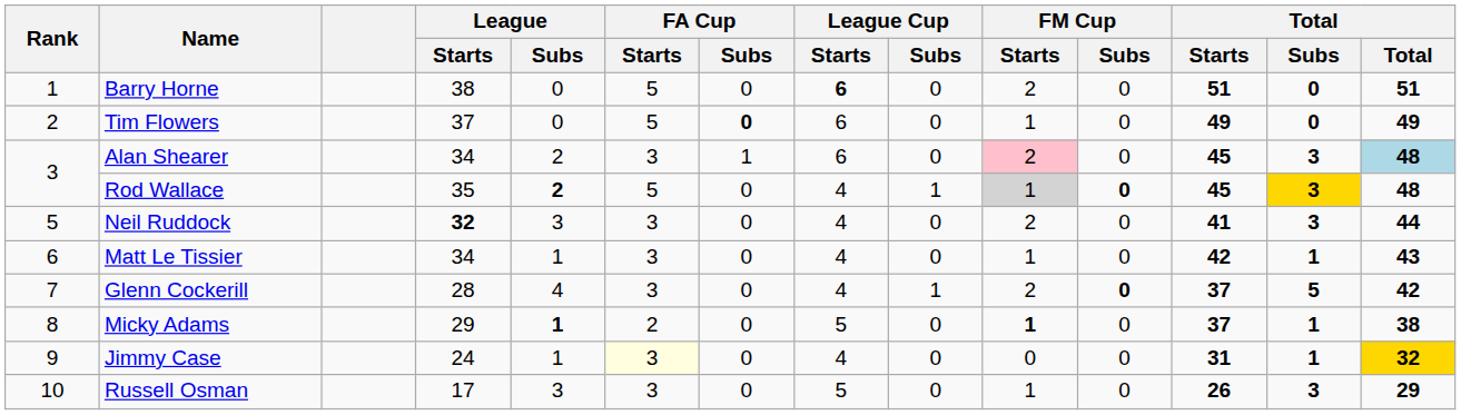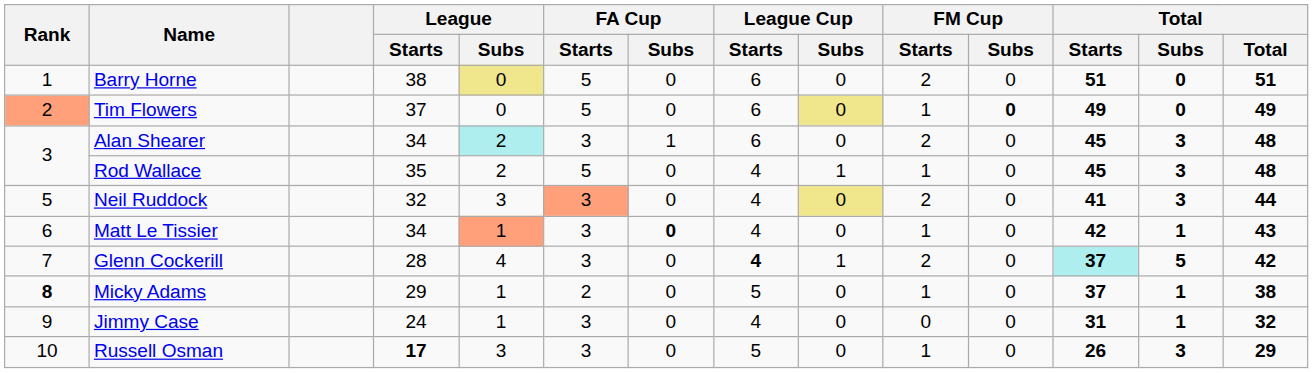 <table class="wikitable plainrowheaders" style="text-align:center;">
 <tr>
 <th scope="col" rowspan="2" style="width:4em;">Rank</th>
 <th scope="col" rowspan="2" style="width:10em;">Name</th>
 <th scope="col" rowspan="2" style="width:4em;"></th>
 <th scope="col" colspan="2">League</th>
 <th scope="col" colspan="2">FA Cup</th>
 <th scope="col" colspan="2">League Cup</th>
 <th scope="col" colspan="2">FM Cup</th>
 <th scope="col" colspan="3">Total</th>
 </tr>
 <tr>
 <th scope="col" style="width:4em;">Starts</th>
 <th scope="col" style="width:4em;">Subs</th>
 <th scope="col" style="width:4em;">Starts</th>
 <th scope="col" style="width:4em;">Subs</th>
 <th scope="col" style="width:4em;">Starts</th>
 <th scope="col" style="width:4em;">Subs</th>
 <th scope="col" style="width:4em;">Starts</th>
 <th scope="col" style="width:4em;">Subs</th>
 <th scope="col" style="width:4em;">Starts</th>
 <th scope="col" style="width:4em;">Subs</th>
 <th scope="col" style="width:4em;">Total</th>
 </tr>
 <tr>
 <td>1</td>
 <td align="left"><a href='#'>Barry Horne</a></td>
 <td></td>
 <td>38</td>
-<td>0</td>
+<td style="background: khaki;">0</td>
 <td>5</td>
 <td>0</td>
-<td><strong>6</strong></td>
+<td>6</td>
 <td>0</td>
 <td>2</td>
 <td>0</td>
 <td><strong>51</strong></td>
 <td><strong>0</strong></td>
 <td><strong>51</strong></td>
 </tr>
 <tr>
-<td>2</td>
+<td style="background: lightsalmon;">2</td>
 <td align="left"><a href='#'>Tim Flowers</a></td>
 <td></td>
 <td>37</td>
 <td>0</td>
 <td>5</td>
+<td>0</td>
+<td>6</td>
+<td style="background: khaki;">0</td>
+<td>1</td>
 <td><strong>0</strong></td>
-<td>6</td>
-<td>0</td>
-<td>1</td>
-<td>0</td>
 <td><strong>49</strong></td>
 <td><strong>0</strong></td>
 <td><strong>49</strong></td>
 </tr>
 <tr>
 <td rowspan="2">3</td>
 <td align="left"><a href='#'>Alan Shearer</a></td>
 <td></td>
 <td>34</td>
-<td>2</td>
+<td style="background: paleturquoise;">2</td>
 <td>3</td>
 <td>1</td>
 <td>6</td>
 <td>0</td>
-<td style="background: pink;">2</td>
+<td>2</td>
 <td>0</td>
 <td><strong>45</strong></td>
 <td><strong>3</strong></td>
-<td style="background: lightblue;"><strong>48</strong></td>
+<td><strong>48</strong></td>
 </tr>
 <tr>
 <td align="left"><a href='#'>Rod Wallace</a></td>
 <td></td>
 <td>35</td>
-<td><strong>2</strong></td>
+<td>2</td>
 <td>5</td>
 <td>0</td>
 <td>4</td>
 <td>1</td>
-<td style="background: lightgrey;">1</td>
-<td><strong>0</strong></td>
+<td>1</td>
+<td>0</td>
 <td><strong>45</strong></td>
-<td style="background: gold;"><strong>3</strong></td>
+<td><strong>3</strong></td>
 <td><strong>48</strong></td>
 </tr>
 <tr>
 <td>5</td>
 <td align="left"><a href='#'>Neil Ruddock</a></td>
 <td></td>
-<td><strong>32</strong></td>
+<td>32</td>
 <td>3</td>
-<td>3</td>
+<td style="background: lightsalmon;">3</td>
 <td>0</td>
 <td>4</td>
-<td>0</td>
+<td style="background: khaki;">0</td>
 <td>2</td>
 <td>0</td>
 <td><strong>41</strong></td>
 <td><strong>3</strong></td>
 <td><strong>44</strong></td>
 </tr>
 <tr>
 <td>6</td>
 <td align="left"><a href='#'>Matt Le Tissier</a></td>
 <td></td>
 <td>34</td>
-<td>1</td>
+<td style="background: lightsalmon;">1</td>
 <td>3</td>
-<td>0</td>
+<td><strong>0</strong></td>
 <td>4</td>
 <td>0</td>
 <td>1</td>
 <td>0</td>
 <td><strong>42</strong></td>
 <td><strong>1</strong></td>
 <td><strong>43</strong></td>
 </tr>
 <tr>
 <td>7</td>
 <td align="left"><a href='#'>Glenn Cockerill</a></td>
 <td></td>
 <td>28</td>
 <td>4</td>
 <td>3</td>
 <td>0</td>
-<td>4</td>
+<td><strong>4</strong></td>
 <td>1</td>
 <td>2</td>
-<td><strong>0</strong></td>
-<td><strong>37</strong></td>
+<td>0</td>
+<td style="background: paleturquoise;"><strong>37</strong></td>
 <td><strong>5</strong></td>
 <td><strong>42</strong></td>
 </tr>
 <tr>
-<td>8</td>
+<td><strong>8</strong></td>
 <td align="left"><a href='#'>Micky Adams</a></td>
 <td></td>
 <td>29</td>
-<td><strong>1</strong></td>
+<td>1</td>
 <td>2</td>
 <td>0</td>
 <td>5</td>
 <td>0</td>
-<td><strong>1</strong></td>
+<td>1</td>
 <td>0</td>
 <td><strong>37</strong></td>
 <td><strong>1</strong></td>
 <td><strong>38</strong></td>
 </tr>
 <tr>
 <td>9</td>
 <td align="left"><a href='#'>Jimmy Case</a></td>
 <td></td>
 <td>24</td>
 <td>1</td>
-<td style="background: lightyellow;">3</td>
+<td>3</td>
 <td>0</td>
 <td>4</td>
 <td>0</td>
 <td>0</td>
 <td>0</td>
 <td><strong>31</strong></td>
 <td><strong>1</strong></td>
-<td style="background: gold;"><strong>32</strong></td>
+<td><strong>32</strong></td>
 </tr>
 <tr>
 <td>10</td>
 <td align="left"><a href='#'>Russell Osman</a></td>
 <td></td>
-<td>17</td>
+<td><strong>17</strong></td>
 <td>3</td>
 <td>3</td>
 <td>0</td>
 <td>5</td>
 <td>0</td>
 <td>1</td>
 <td>0</td>
 <td><strong>26</strong></td>
 <td><strong>3</strong></td>
 <td><strong>29</strong></td>
 </tr>
 </table>
